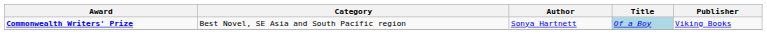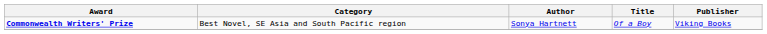 <table class="wikitable" width=100%>
 <tr>
 <th>Award</th>
 <th>Category</th>
 <th>Author</th>
 <th>Title</th>
 <th>Publisher</th>
 </tr>
 <tr>
 <td><strong><a href='#'>Commonwealth Writers' Prize</a></strong></td>
 <td>Best Novel, SE Asia and South Pacific region</td>
 <td><a href='#'>Sonya Hartnett</a></td>
-<td style="background: lightblue;"><em><a href='#'>Of a Boy</a></em></td>
+<td><em><a href='#'>Of a Boy</a></em></td>
 <td><a href='#'>Viking Books</a></td>
 </tr>
 <tr>
 </tr>
 </table>
